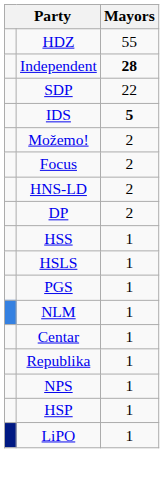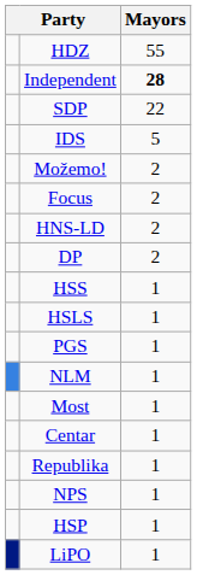 <table class="wikitable sortable">
 <tr>
 <th class="sortable" colspan=2>Party</th>
 <th class="sortable">Mayors</th>
 </tr>
 <tr>
 <td width=5px style="background-color: "></td>
 <td align=center><a href='#'>HDZ</a></td>
 <td align=center>55</td>
 </tr>
 <tr>
 <td width=5px style="background-color: "></td>
 <td align=center><a href='#'>Independent</a></td>
 <td align=center><strong>28</strong></td>
 </tr>
 <tr>
 <td width=5px style="background-color: "></td>
 <td align=center><a href='#'>SDP</a></td>
 <td align=center>22</td>
 </tr>
 <tr>
 <td width=5px style="background-color: "></td>
 <td align=center><a href='#'>IDS</a></td>
-<td align=center><strong>5</strong></td>
+<td align=center>5</td>
 </tr>
 <tr>
 <td width="5px" style="background-color: "></td>
 <td align="center"><a href='#'>Možemo!</a></td>
 <td align="center">2</td>
 </tr>
 <tr>
 <td width="5px" style="background-color: "></td>
 <td align="center"><a href='#'>Focus</a></td>
 <td align="center">2</td>
 </tr>
 <tr>
 <td width=5px style="background-color: "></td>
 <td align=center><a href='#'>HNS-LD</a></td>
 <td align=center>2</td>
 </tr>
 <tr>
 <td width="5px" style="background-color: "></td>
 <td align="center"><a href='#'>DP</a></td>
 <td align="center">2</td>
 </tr>
 <tr>
 <td width=5px style="background-color: "></td>
 <td align=center><a href='#'>HSS</a></td>
 <td align=center>1</td>
 </tr>
 <tr>
 <td width=5px style="background-color: "></td>
 <td align=center><a href='#'>HSLS</a></td>
 <td align=center>1</td>
 </tr>
 <tr>
 <td width=5px style="background-color: "></td>
 <td align=center><a href='#'>PGS</a></td>
 <td align=center>1</td>
 </tr>
 <tr>
 <td width="5px" style="background:#3581E1;"></td>
 <td align="center"><a href='#'>NLM</a></td>
 <td align="center">1</td>
 </tr>
 <tr>
 <td width="5px" style="background-color: "></td>
+<td align="center"><a href='#'>Most</a></td>
+<td align="center">1</td>
+</tr>
+<tr>
+<td width="5px" style="background-color: "></td>
 <td align="center"><a href='#'>Centar</a></td>
 <td align="center">1</td>
 </tr>
 <tr>
 <td width="5px" style="background-color: "></td>
 <td align="center"><a href='#'>Republika</a></td>
 <td align="center">1</td>
 </tr>
 <tr>
 <td width="5px" style="background-color: "></td>
 <td align="center"><a href='#'>NPS</a></td>
 <td align="center">1</td>
 </tr>
 <tr>
 <td width="5px" style="background-color: "></td>
 <td align="center"><a href='#'>HSP</a></td>
 <td align="center">1</td>
 </tr>
 <tr>
 <td width="5px" style="background-color: #001983"></td>
 <td align="center"><a href='#'>LiPO</a></td>
 <td align="center">1</td>
 </tr>
 </table>
